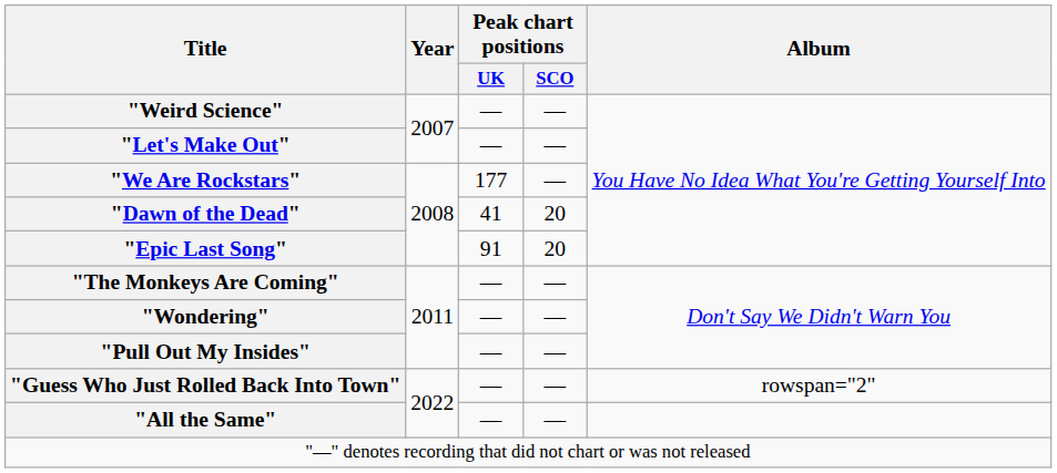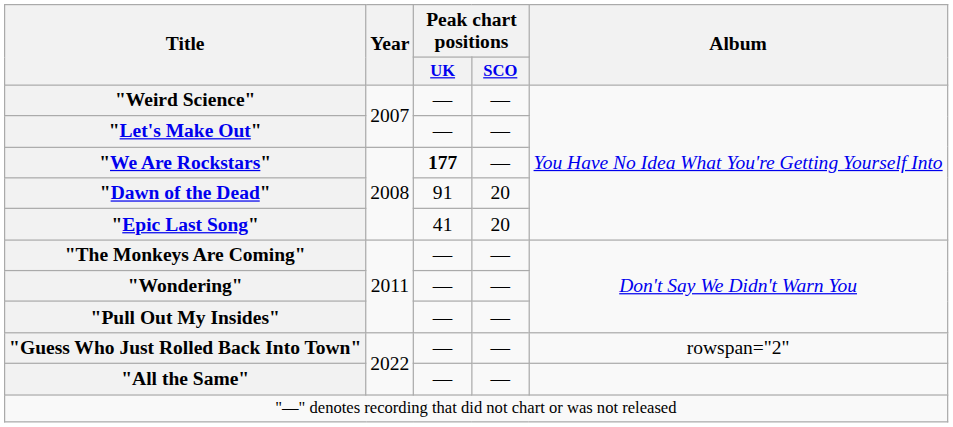 <table class="wikitable plainrowheaders" style="text-align:center;">
 <tr>
 <th scope="col" rowspan="2">Title</th>
 <th scope="col" rowspan="2">Year</th>
 <th scope="col" colspan="2">Peak chart positions</th>
 <th scope="col" rowspan="2">Album</th>
 </tr>
 <tr>
 <th scope="col" style="width:3em;font-size:85%;"><a href='#'>UK</a><br></th>
 <th scope="col" style="width:3em;font-size:85%;"><a href='#'>SCO</a><br></th>
 </tr>
 <tr>
 <th scope="row">"Weird Science"</th>
 <td rowspan="2">2007</td>
 <td>—</td>
 <td>—</td>
 <td rowspan="5"><em><a href='#'>You Have No Idea What You're Getting Yourself Into</a></em></td>
 </tr>
 <tr>
 <th scope="row">"<a href='#'>Let's Make Out</a>"</th>
 <td>—</td>
 <td>—</td>
 </tr>
 <tr>
 <th scope="row">"<a href='#'>We Are Rockstars</a>"</th>
 <td rowspan="3">2008</td>
-<td>177</td>
+<td><strong>177</strong></td>
 <td>—</td>
 </tr>
 <tr>
 <th scope="row">"<a href='#'>Dawn of the Dead</a>"</th>
-<td>41</td>
+<td>91</td>
 <td>20</td>
 </tr>
 <tr>
 <th scope="row">"<a href='#'>Epic Last Song</a>"</th>
-<td>91</td>
+<td>41</td>
 <td>20</td>
 </tr>
 <tr>
 <th scope="row">"The Monkeys Are Coming"</th>
 <td rowspan="3">2011</td>
 <td>—</td>
 <td>—</td>
 <td rowspan="3"><em><a href='#'>Don't Say We Didn't Warn You</a></em></td>
 </tr>
 <tr>
 <th scope="row">"Wondering"</th>
 <td>—</td>
 <td>—</td>
 </tr>
 <tr>
 <th scope="row">"Pull Out My Insides"</th>
 <td>—</td>
 <td>—</td>
 </tr>
 <tr>
 <th scope="row">"Guess Who Just Rolled Back Into Town"</th>
 <td rowspan="2">2022</td>
 <td>—</td>
 <td>—</td>
 <td>rowspan="2" </td>
 </tr>
 <tr>
 <th scope="row">"All the Same"</th>
 <td>—</td>
 <td>—</td>
 </tr>
 <tr>
 <td colspan="10" style="text-align:center; font-size:85%;">"—" denotes recording that did not chart or was not released</td>
 </tr>
 </table>
